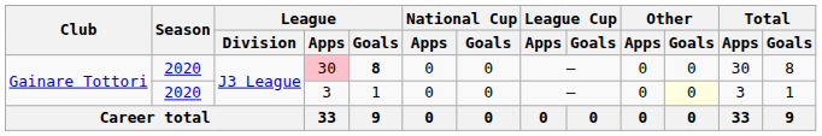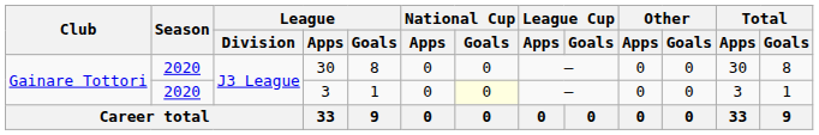 <table class="wikitable" style="text-align: center">
 <tr>
 <th rowspan="2">Club</th>
 <th rowspan="2">Season</th>
 <th colspan="3">League</th>
 <th colspan="2">National Cup</th>
 <th colspan="2">League Cup</th>
 <th colspan="2">Other</th>
 <th colspan="2">Total</th>
 </tr>
 <tr>
 <th>Division</th>
 <th>Apps</th>
 <th>Goals</th>
 <th>Apps</th>
 <th>Goals</th>
 <th>Apps</th>
 <th>Goals</th>
 <th>Apps</th>
 <th>Goals</th>
 <th>Apps</th>
 <th>Goals</th>
 </tr>
 <tr>
 <td rowspan="2"><a href='#'>Gainare Tottori</a></td>
 <td><a href='#'>2020</a></td>
 <td rowspan="2"><a href='#'>J3 League</a></td>
-<td style="background: pink;">30</td>
-<td><strong>8</strong></td>
+<td>30</td>
+<td>8</td>
 <td>0</td>
 <td>0</td>
 <td colspan="2">–</td>
 <td>0</td>
 <td>0</td>
 <td>30</td>
 <td>8</td>
 </tr>
 <tr>
 <td><a href='#'>2020</a></td>
 <td>3</td>
 <td>1</td>
 <td>0</td>
-<td>0</td>
+<td style="background: lightyellow;">0</td>
 <td colspan="2">–</td>
 <td>0</td>
-<td style="background: lightyellow;">0</td>
+<td>0</td>
 <td>3</td>
 <td>1</td>
 </tr>
 <tr>
 <th colspan=3>Career total</th>
 <th>33</th>
 <th>9</th>
 <th>0</th>
 <th>0</th>
 <th>0</th>
 <th>0</th>
 <th>0</th>
 <th>0</th>
 <th>33</th>
 <th>9</th>
 </tr>
 </table>
